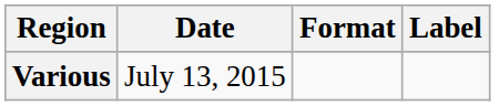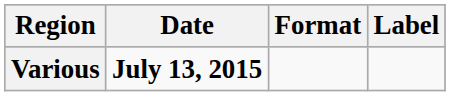 <table class="wikitable plainrowheaders">
 <tr>
 <th scope="col">Region</th>
 <th scope="col">Date</th>
 <th scope="col">Format</th>
 <th scope="col">Label</th>
 </tr>
 <tr>
 <th rowspan="1" scope="row">Various</th>
-<td>July 13, 2015</td>
+<td><strong>July 13, 2015</strong></td>
 <td rowspan="2"></td>
 <td rowspan="2" scope="row"></td>
 </tr>
 </table>
